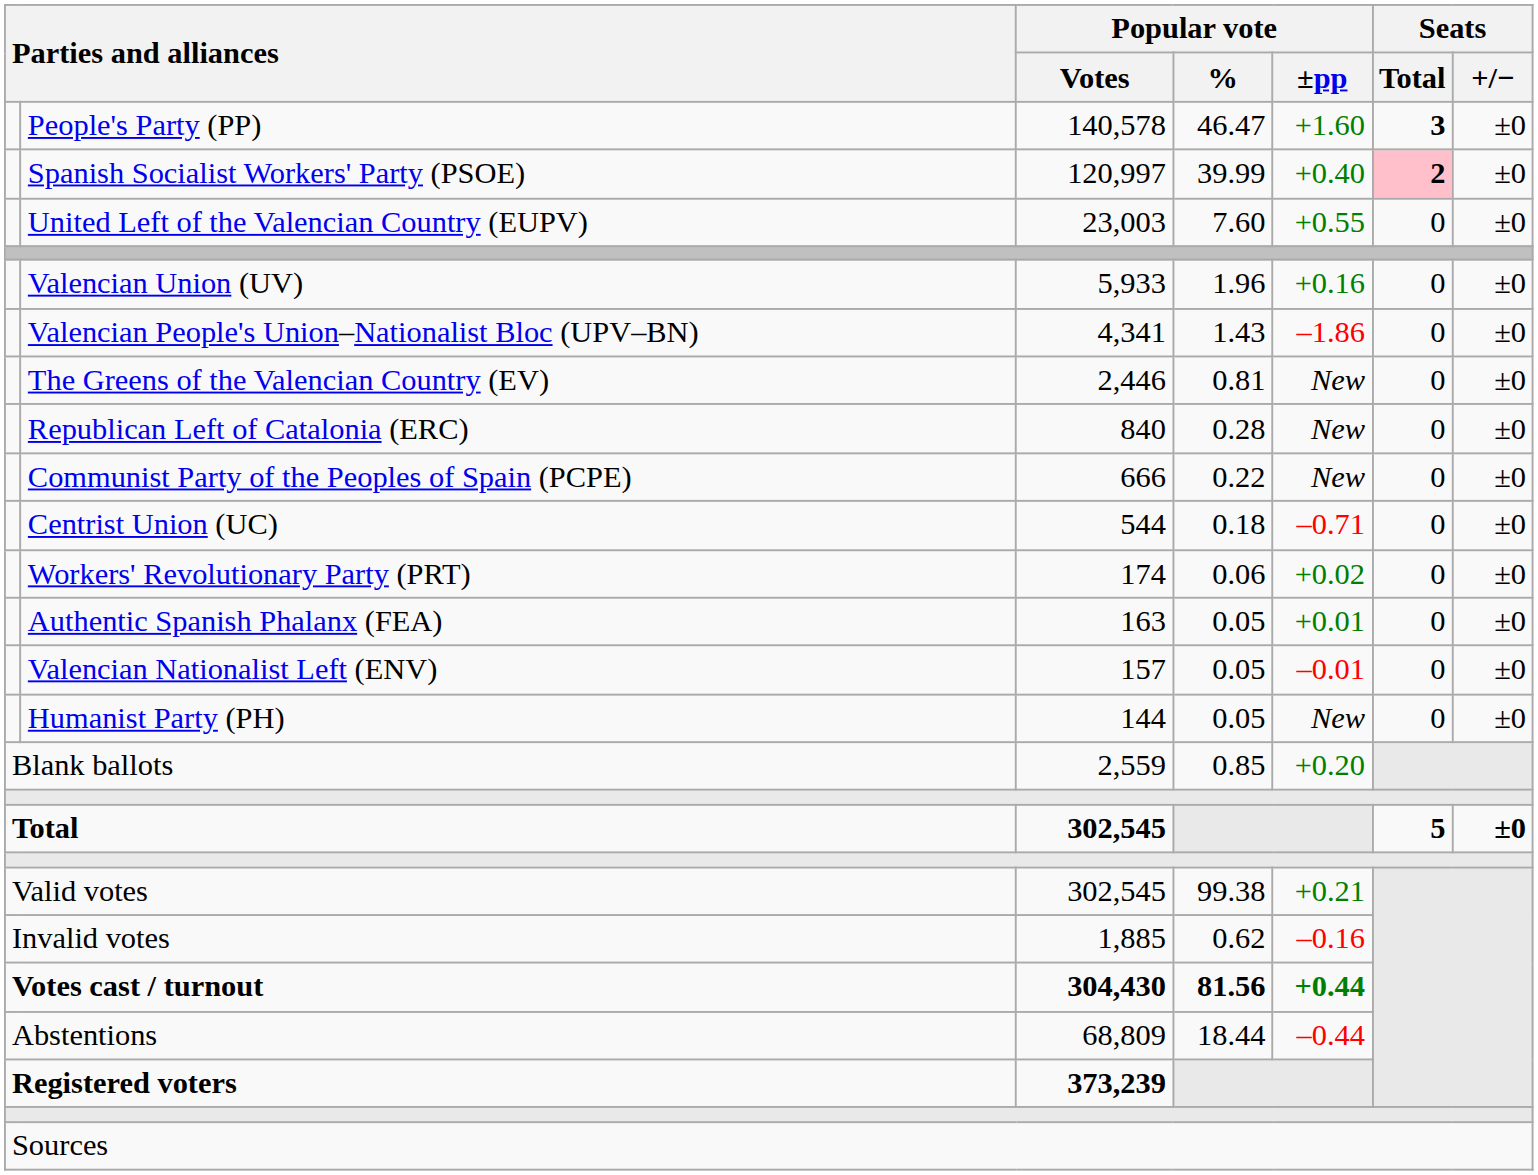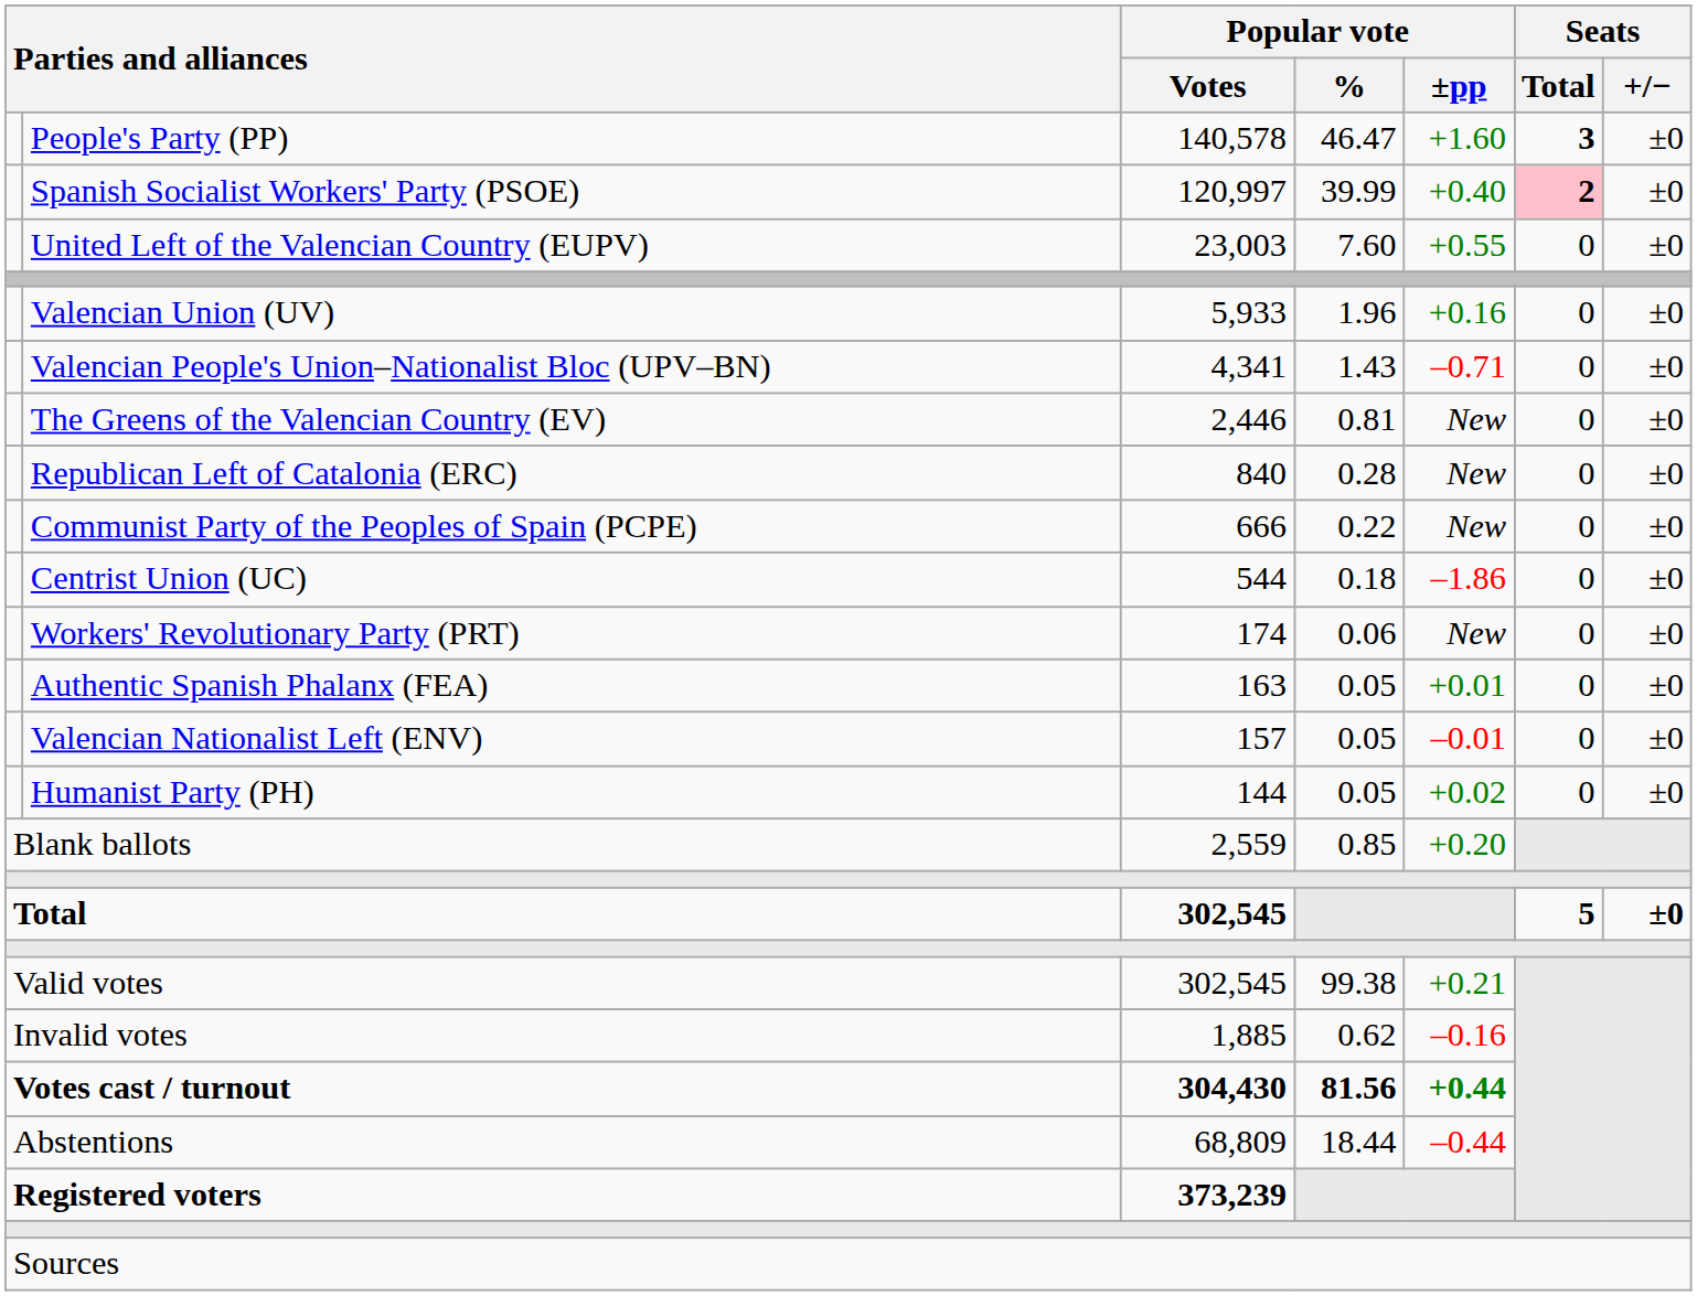 <table class="wikitable" style="text-align:right;">
 <tr>
 <th style="text-align:left;" rowspan="2" colspan="2" width="525">Parties and alliances</th>
 <th colspan="3">Popular vote</th>
 <th colspan="2">Seats</th>
 </tr>
 <tr>
 <th width="75">Votes</th>
 <th width="45">%</th>
 <th width="45">±<a href='#'>pp</a></th>
 <th width="35">Total</th>
 <th width="35">+/−</th>
 </tr>
 <tr>
 <td width="1" style="color:inherit;background:"></td>
 <td align="left"><a href='#'>People's Party</a> (PP)</td>
 <td>140,578</td>
 <td>46.47</td>
 <td style="color:green;">+1.60</td>
 <td><strong>3</strong></td>
 <td>±0</td>
 </tr>
 <tr>
 <td style="color:inherit;background:"></td>
 <td align="left"><a href='#'>Spanish Socialist Workers' Party</a> (PSOE)</td>
 <td>120,997</td>
 <td>39.99</td>
 <td style="color:green;">+0.40</td>
 <td style="background: pink;"><strong>2</strong></td>
 <td>±0</td>
 </tr>
 <tr>
 <td style="color:inherit;background:"></td>
 <td align="left"><a href='#'>United Left of the Valencian Country</a> (EUPV)</td>
 <td>23,003</td>
 <td>7.60</td>
 <td style="color:green;">+0.55</td>
 <td>0</td>
 <td>±0</td>
 </tr>
 <tr>
 <td colspan="7" bgcolor="#C0C0C0"></td>
 </tr>
 <tr>
 <td style="color:inherit;background:"></td>
 <td align="left"><a href='#'>Valencian Union</a> (UV)</td>
 <td>5,933</td>
 <td>1.96</td>
 <td style="color:green;">+0.16</td>
 <td>0</td>
 <td>±0</td>
 </tr>
 <tr>
 <td style="color:inherit;background:"></td>
 <td align="left"><a href='#'>Valencian People's Union</a>–<a href='#'>Nationalist Bloc</a> (UPV–BN)</td>
 <td>4,341</td>
 <td>1.43</td>
-<td style="color:red;">–1.86</td>
+<td style="color:red;">–0.71</td>
 <td>0</td>
 <td>±0</td>
 </tr>
 <tr>
 <td style="color:inherit;background:"></td>
 <td align="left"><a href='#'>The Greens of the Valencian Country</a> (EV)</td>
 <td>2,446</td>
 <td>0.81</td>
 <td><em>New</em></td>
 <td>0</td>
 <td>±0</td>
 </tr>
 <tr>
 <td style="color:inherit;background:"></td>
 <td align="left"><a href='#'>Republican Left of Catalonia</a> (ERC)</td>
 <td>840</td>
 <td>0.28</td>
 <td><em>New</em></td>
 <td>0</td>
 <td>±0</td>
 </tr>
 <tr>
 <td style="color:inherit;background:"></td>
 <td align="left"><a href='#'>Communist Party of the Peoples of Spain</a> (PCPE)</td>
 <td>666</td>
 <td>0.22</td>
 <td><em>New</em></td>
 <td>0</td>
 <td>±0</td>
 </tr>
 <tr>
 <td style="color:inherit;background:"></td>
 <td align="left"><a href='#'>Centrist Union</a> (UC)</td>
 <td>544</td>
 <td>0.18</td>
-<td style="color:red;">–0.71</td>
+<td style="color:red;">–1.86</td>
 <td>0</td>
 <td>±0</td>
 </tr>
 <tr>
 <td style="color:inherit;background:"></td>
 <td align="left"><a href='#'>Workers' Revolutionary Party</a> (PRT)</td>
 <td>174</td>
 <td>0.06</td>
-<td style="color:green;">+0.02</td>
+<td><em>New</em></td>
 <td>0</td>
 <td>±0</td>
 </tr>
 <tr>
 <td style="color:inherit;background:"></td>
 <td align="left"><a href='#'>Authentic Spanish Phalanx</a> (FEA)</td>
 <td>163</td>
 <td>0.05</td>
 <td style="color:green;">+0.01</td>
 <td>0</td>
 <td>±0</td>
 </tr>
 <tr>
 <td style="color:inherit;background:"></td>
 <td align="left"><a href='#'>Valencian Nationalist Left</a> (ENV)</td>
 <td>157</td>
 <td>0.05</td>
 <td style="color:red;">–0.01</td>
 <td>0</td>
 <td>±0</td>
 </tr>
 <tr>
 <td style="color:inherit;background:"></td>
 <td align="left"><a href='#'>Humanist Party</a> (PH)</td>
 <td>144</td>
 <td>0.05</td>
-<td><em>New</em></td>
+<td style="color:green;">+0.02</td>
 <td>0</td>
 <td>±0</td>
 </tr>
 <tr>
 <td align="left" colspan="2">Blank ballots</td>
 <td>2,559</td>
 <td>0.85</td>
 <td style="color:green;">+0.20</td>
 <td bgcolor="#E9E9E9" colspan="2"></td>
 </tr>
 <tr>
 <td colspan="7" bgcolor="#E9E9E9"></td>
 </tr>
 <tr style="font-weight:bold;">
 <td align="left" colspan="2">Total</td>
 <td>302,545</td>
 <td bgcolor="#E9E9E9" colspan="2"></td>
 <td>5</td>
 <td>±0</td>
 </tr>
 <tr>
 <td colspan="7" bgcolor="#E9E9E9"></td>
 </tr>
 <tr>
 <td align="left" colspan="2">Valid votes</td>
 <td>302,545</td>
 <td>99.38</td>
 <td style="color:green;">+0.21</td>
 <td bgcolor="#E9E9E9" colspan="2" rowspan="5"></td>
 </tr>
 <tr>
 <td align="left" colspan="2">Invalid votes</td>
 <td>1,885</td>
 <td>0.62</td>
 <td style="color:red;">–0.16</td>
 </tr>
 <tr style="font-weight:bold;">
 <td align="left" colspan="2">Votes cast / turnout</td>
 <td>304,430</td>
 <td>81.56</td>
 <td style="color:green;">+0.44</td>
 </tr>
 <tr>
 <td align="left" colspan="2">Abstentions</td>
 <td>68,809</td>
 <td>18.44</td>
 <td style="color:red;">–0.44</td>
 </tr>
 <tr style="font-weight:bold;">
 <td align="left" colspan="2">Registered voters</td>
 <td>373,239</td>
 <td bgcolor="#E9E9E9" colspan="2"></td>
 </tr>
 <tr>
 <td colspan="7" bgcolor="#E9E9E9"></td>
 </tr>
 <tr>
 <td align="left" colspan="7">Sources</td>
 </tr>
 </table>
